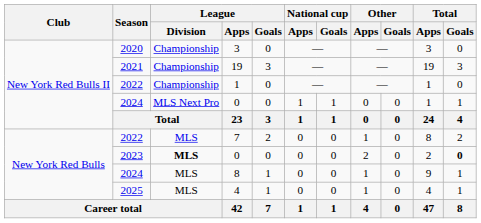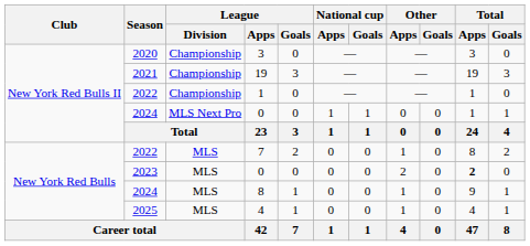 <table class=wikitable style=text-align:center>
 <tr>
 <th rowspan=2>Club</th>
 <th rowspan=2>Season</th>
 <th colspan=3>League</th>
 <th colspan=2>National cup</th>
 <th colspan=2>Other</th>
 <th colspan=2>Total</th>
 </tr>
 <tr>
 <th>Division</th>
 <th>Apps</th>
 <th>Goals</th>
 <th>Apps</th>
 <th>Goals</th>
 <th>Apps</th>
 <th>Goals</th>
 <th>Apps</th>
 <th>Goals</th>
 </tr>
 <tr>
 <td rowspan="5"><a href='#'>New York Red Bulls II</a></td>
 <td><a href='#'>2020</a></td>
 <td><a href='#'>Championship</a></td>
 <td>3</td>
 <td>0</td>
 <td colspan="2">—</td>
 <td colspan="2">—</td>
 <td>3</td>
 <td>0</td>
 </tr>
 <tr>
 <td><a href='#'>2021</a></td>
 <td><a href='#'>Championship</a></td>
 <td>19</td>
 <td>3</td>
 <td colspan="2">—</td>
 <td colspan="2">—</td>
 <td>19</td>
 <td>3</td>
 </tr>
 <tr>
 <td><a href='#'>2022</a></td>
 <td><a href='#'>Championship</a></td>
 <td>1</td>
 <td>0</td>
 <td colspan="2">—</td>
 <td colspan="2">—</td>
 <td>1</td>
 <td>0</td>
 </tr>
 <tr>
 <td><a href='#'>2024</a></td>
 <td><a href='#'>MLS Next Pro</a></td>
 <td>0</td>
 <td>0</td>
 <td>1</td>
 <td>1</td>
 <td>0</td>
 <td>0</td>
 <td>1</td>
 <td>1</td>
 </tr>
 <tr>
 <th colspan="2">Total</th>
 <th>23</th>
 <th>3</th>
 <th>1</th>
 <th>1</th>
 <th>0</th>
 <th>0</th>
 <th>24</th>
 <th>4</th>
 </tr>
 <tr>
 <td rowspan="4"><a href='#'>New York Red Bulls</a></td>
 <td><a href='#'>2022</a></td>
 <td><a href='#'>MLS</a></td>
 <td>7</td>
 <td>2</td>
 <td>0</td>
 <td>0</td>
 <td>1</td>
 <td>0</td>
 <td>8</td>
 <td>2</td>
 </tr>
 <tr>
 <td><a href='#'>2023</a></td>
-<td><strong>MLS</strong></td>
+<td>MLS</td>
 <td>0</td>
 <td>0</td>
 <td>0</td>
 <td>0</td>
 <td>2</td>
 <td>0</td>
-<td>2</td>
-<td><strong>0</strong></td>
+<td><strong>2</strong></td>
+<td>0</td>
 </tr>
 <tr>
 <td><a href='#'>2024</a></td>
 <td>MLS</td>
 <td>8</td>
 <td>1</td>
 <td>0</td>
 <td>0</td>
 <td>1</td>
 <td>0</td>
 <td>9</td>
 <td>1</td>
 </tr>
 <tr>
 <td><a href='#'>2025</a></td>
 <td>MLS</td>
 <td>4</td>
 <td>1</td>
 <td>0</td>
 <td>0</td>
 <td>1</td>
 <td>0</td>
 <td>4</td>
 <td>1</td>
 </tr>
 <tr>
 <th colspan=3>Career total</th>
 <th>42</th>
 <th>7</th>
 <th>1</th>
 <th>1</th>
 <th>4</th>
 <th>0</th>
 <th>47</th>
 <th>8</th>
 </tr>
 </table>
